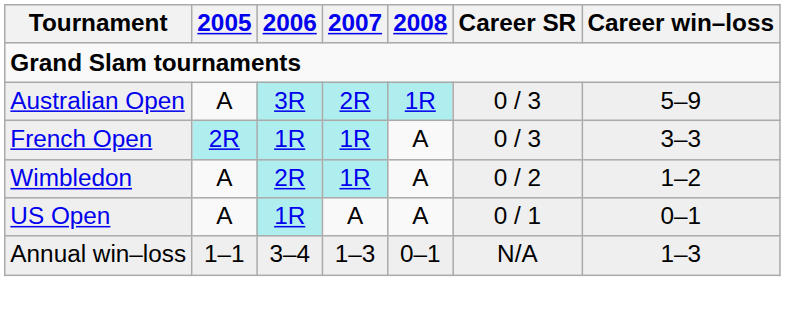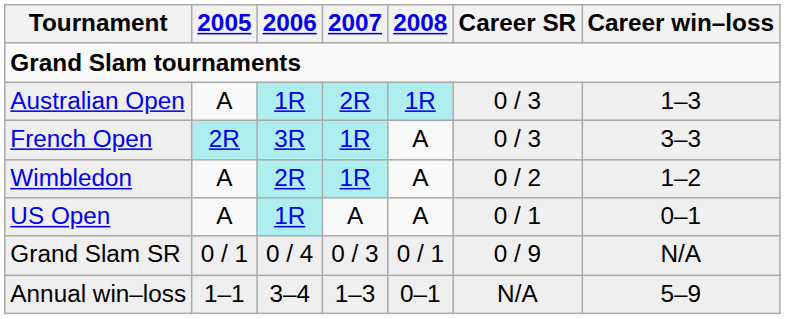 <table class="wikitable">
 <tr>
 <th>Tournament</th>
 <th><a href='#'>2005</a></th>
 <th><a href='#'>2006</a></th>
 <th><a href='#'>2007</a></th>
 <th><a href='#'>2008</a></th>
 <th>Career SR</th>
 <th>Career win–loss</th>
 </tr>
 <tr>
 <td colspan="7"><strong>Grand Slam tournaments</strong></td>
 </tr>
 <tr>
 <td style="background:#efefef;"><a href='#'>Australian Open</a></td>
 <td style="text-align:center;">A</td>
-<td style="text-align:center; background:#afeeee;"><a href='#'>3R</a></td>
+<td style="text-align:center; background:#afeeee;"><a href='#'>1R</a></td>
 <td style="text-align:center; background:#afeeee;"><a href='#'>2R</a></td>
 <td style="text-align:center; background:#afeeee;"><a href='#'>1R</a></td>
 <td style="text-align:center; background:#efefef;">0 / 3</td>
-<td style="text-align:center; background:#efefef;">5–9</td>
+<td style="text-align:center; background:#efefef;">1–3</td>
 </tr>
 <tr>
 <td style="background:#efefef;"><a href='#'>French Open</a></td>
 <td style="text-align:center; background:#afeeee;"><a href='#'>2R</a></td>
-<td style="text-align:center; background:#afeeee;"><a href='#'>1R</a></td>
+<td style="text-align:center; background:#afeeee;"><a href='#'>3R</a></td>
 <td style="text-align:center; background:#afeeee;"><a href='#'>1R</a></td>
 <td style="text-align:center;">A</td>
 <td style="text-align:center; background:#efefef;">0 / 3</td>
 <td style="text-align:center; background:#efefef;">3–3</td>
 </tr>
 <tr>
 <td style="background:#efefef;"><a href='#'>Wimbledon</a></td>
 <td style="text-align:center;">A</td>
 <td style="text-align:center; background:#afeeee;"><a href='#'>2R</a></td>
 <td style="text-align:center; background:#afeeee;"><a href='#'>1R</a></td>
 <td style="text-align:center;">A</td>
 <td style="text-align:center; background:#efefef;">0 / 2</td>
 <td style="text-align:center; background:#efefef;">1–2</td>
 </tr>
 <tr>
 <td style="background:#efefef;"><a href='#'>US Open</a></td>
 <td style="text-align:center;">A</td>
 <td style="text-align:center; background:#afeeee;"><a href='#'>1R</a></td>
 <td style="text-align:center;">A</td>
 <td style="text-align:center;">A</td>
 <td style="text-align:center; background:#efefef;">0 / 1</td>
 <td style="text-align:center; background:#efefef;">0–1</td>
 </tr>
+<tr style="background:#efefef;">
+<td>Grand Slam SR</td>
+<td style="text-align:center;">0 / 1</td>
+<td style="text-align:center;">0 / 4</td>
+<td style="text-align:center;">0 / 3</td>
+<td style="text-align:center;">0 / 1</td>
+<td style="text-align:center;">0 / 9</td>
+<td style="text-align:center; ">N/A</td>
+</tr>
 <tr>
 <td style="background:#EFEFEF;">Annual win–loss</td>
 <td style="text-align:center; background:#efefef;">1–1</td>
 <td style="text-align:center; background:#efefef;">3–4</td>
 <td style="text-align:center; background:#efefef;">1–3</td>
 <td style="text-align:center; background:#efefef;">0–1</td>
 <td style="text-align:center; background:#efefef;">N/A</td>
-<td style="text-align:center; background:#efefef;">1–3</td>
+<td style="text-align:center; background:#efefef;">5–9</td>
 </tr>
 </table>
